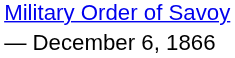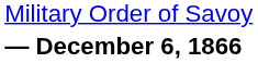 <table>
 <tr>
 <td rowspan=2 style="width:60px; vertical-align:top;"></td>
 <td><a href='#'>Military Order of Savoy</a></td>
 </tr>
 <tr>
-<td>— December 6, 1866</td>
+<td><strong>— December 6, 1866</strong></td>
 </tr>
 </table>
